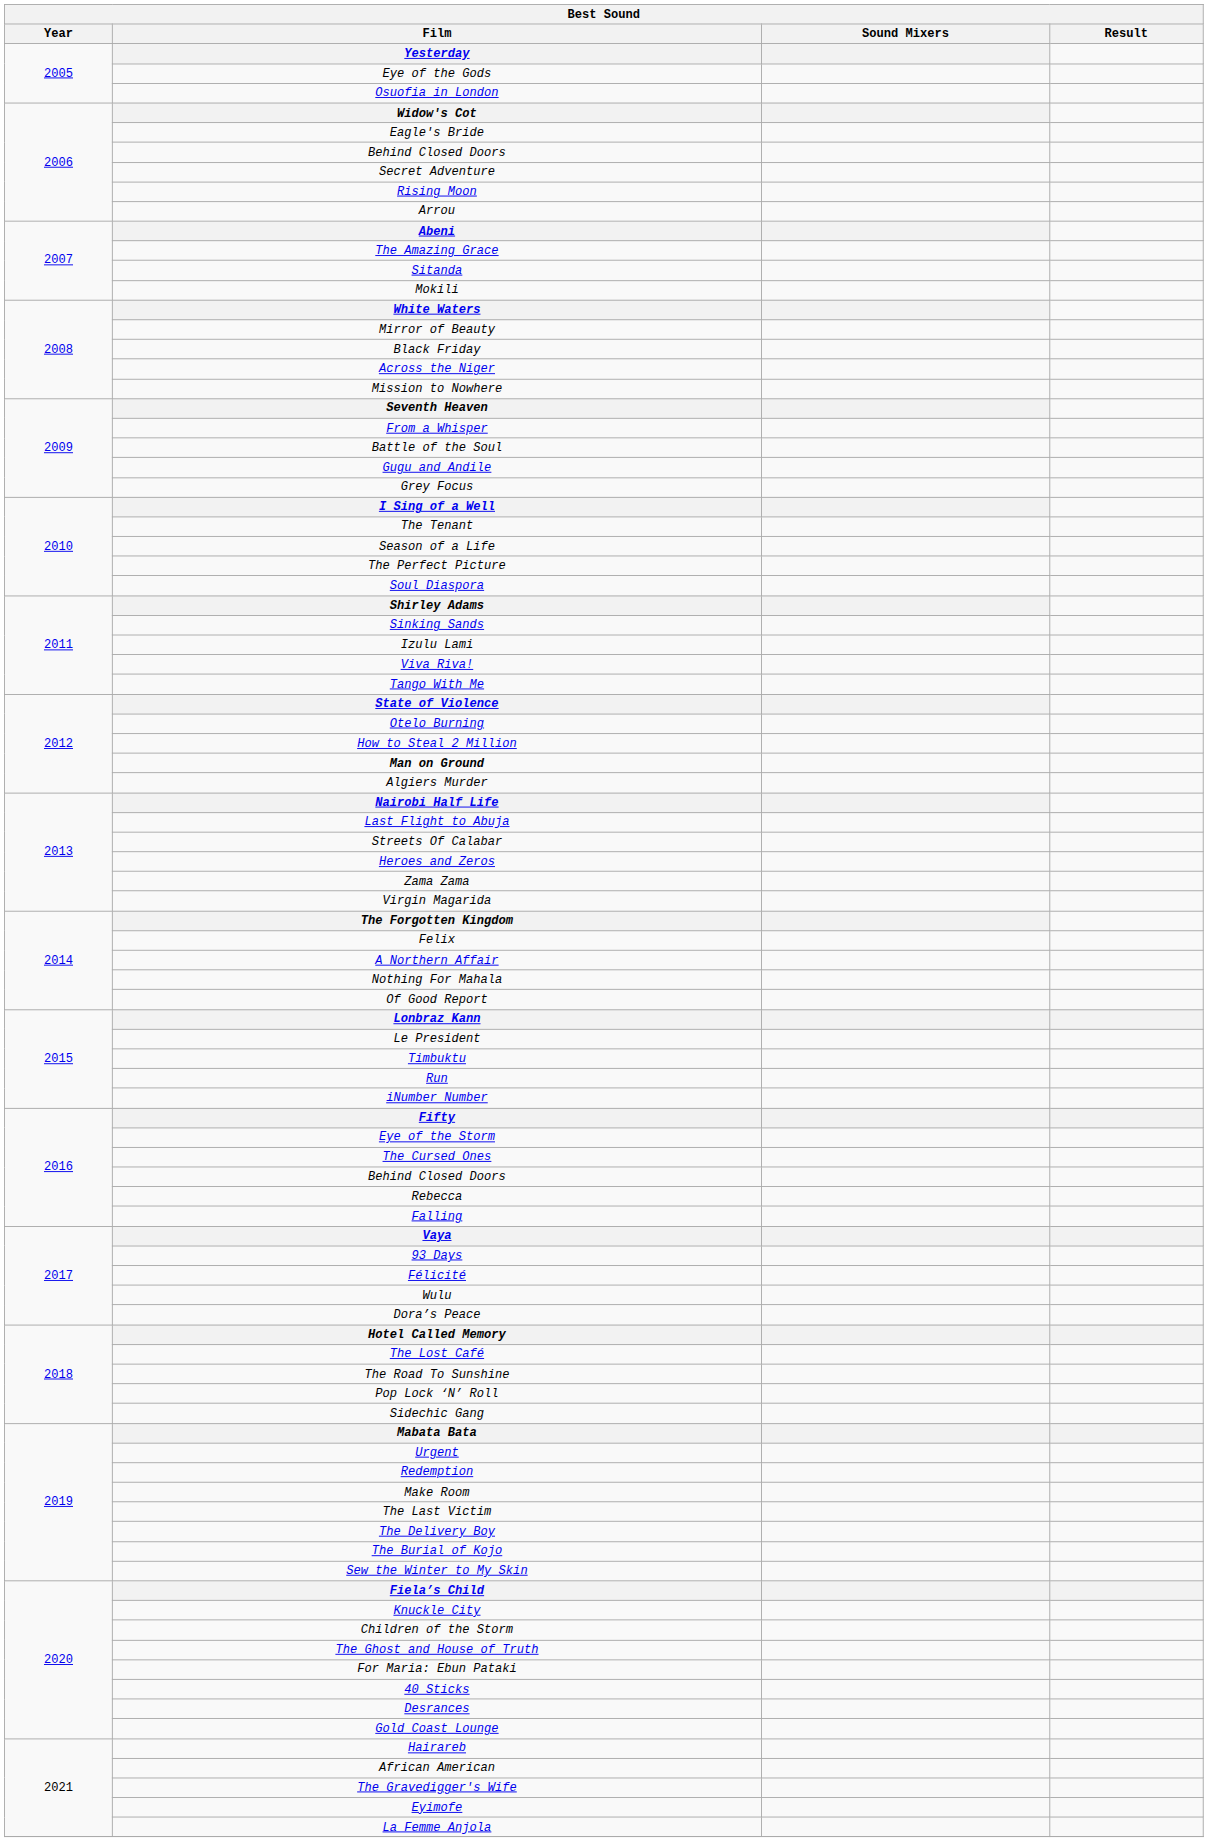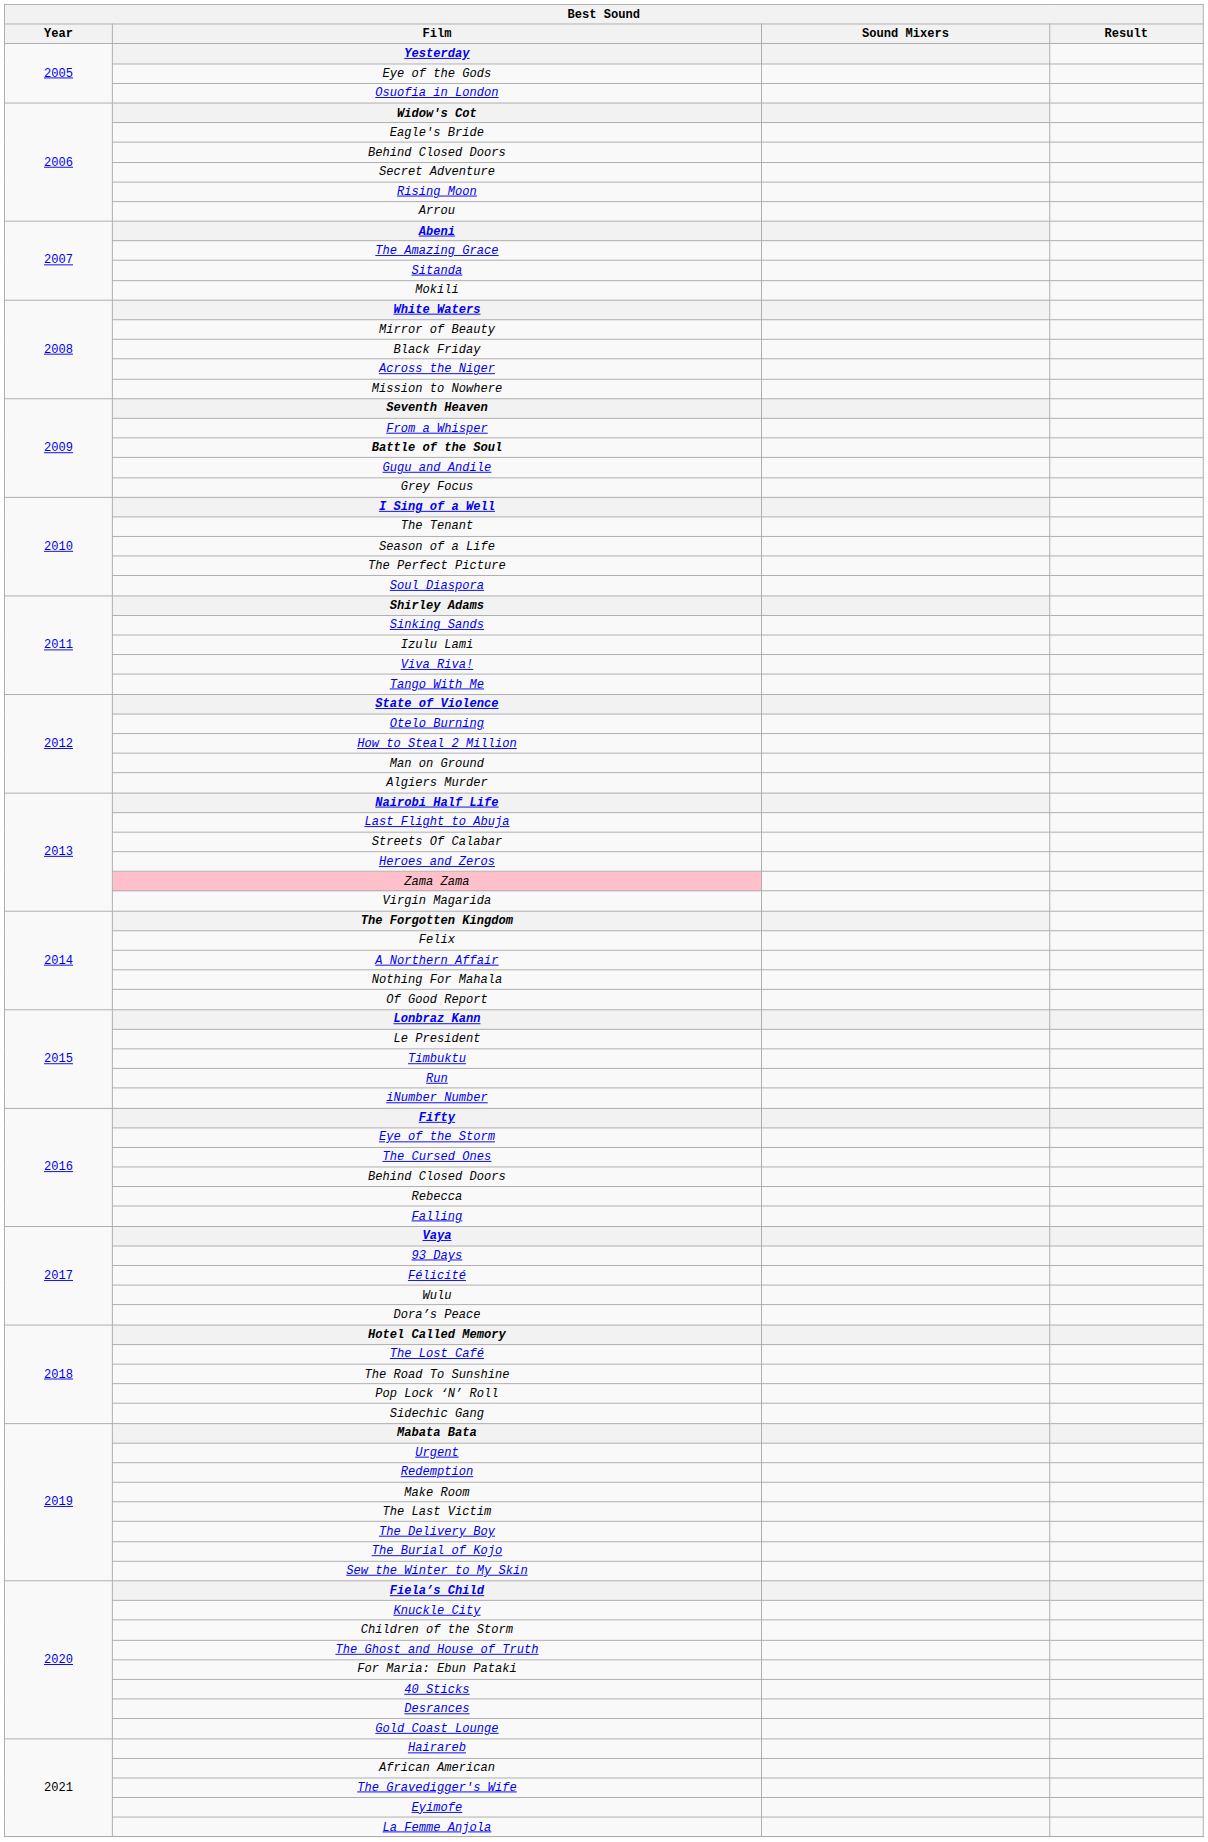 <table class=wikitable style="text-align:center" width="65%">
 <tr>
 <th colspan="4">Best Sound</th>
 </tr>
 <tr>
 <th>Year</th>
 <th>Film</th>
 <th>Sound Mixers</th>
 <th>Result</th>
 </tr>
 <tr>
 <td rowspan="3"><a href='#'>2005</a></td>
 <th><em><a href='#'>Yesterday</a></em></th>
 <th></th>
 <td></td>
 </tr>
 <tr>
 <td><em>Eye of the Gods</em></td>
 <td></td>
 <td></td>
 </tr>
 <tr>
 <td><em><a href='#'>Osuofia in London</a></em></td>
 <td></td>
 <td></td>
 </tr>
 <tr>
 <td rowspan="6"><a href='#'>2006</a></td>
 <th><em>Widow's Cot</em></th>
 <th></th>
 <td></td>
 </tr>
 <tr>
 <td><em>Eagle's Bride</em></td>
 <td></td>
 <td></td>
 </tr>
 <tr>
 <td><em>Behind Closed Doors</em></td>
 <td></td>
 <td></td>
 </tr>
 <tr>
 <td><em>Secret Adventure</em></td>
 <td></td>
 <td></td>
 </tr>
 <tr>
 <td><em><a href='#'>Rising Moon</a></em></td>
 <td></td>
 <td></td>
 </tr>
 <tr>
 <td><em>Arrou</em></td>
 <td></td>
 <td></td>
 </tr>
 <tr>
 <td rowspan="4"><a href='#'>2007</a></td>
 <th><em><a href='#'>Abeni</a></em></th>
 <th></th>
 <td></td>
 </tr>
 <tr>
 <td><em><a href='#'>The Amazing Grace</a></em></td>
 <td></td>
 <td></td>
 </tr>
 <tr>
 <td><em><a href='#'>Sitanda</a></em></td>
 <td></td>
 <td></td>
 </tr>
 <tr>
 <td><em>Mokili</em></td>
 <td></td>
 <td></td>
 </tr>
 <tr>
 <td rowspan="5"><a href='#'>2008</a></td>
 <th><em><a href='#'>White Waters</a></em></th>
 <th></th>
 <td></td>
 </tr>
 <tr>
 <td><em>Mirror of Beauty</em></td>
 <td></td>
 <td></td>
 </tr>
 <tr>
 <td><em>Black Friday</em></td>
 <td></td>
 <td></td>
 </tr>
 <tr>
 <td><em><a href='#'>Across the Niger</a></em></td>
 <td></td>
 <td></td>
 </tr>
 <tr>
 <td><em>Mission to Nowhere</em></td>
 <td></td>
 <td></td>
 </tr>
 <tr>
 <td rowspan="5"><a href='#'>2009</a></td>
 <th><em>Seventh Heaven</em></th>
 <th></th>
 <td></td>
 </tr>
 <tr>
 <td><em><a href='#'>From a Whisper</a></em></td>
 <td></td>
 <td></td>
 </tr>
 <tr>
-<td><em>Battle of the Soul</em></td>
+<td><strong><em>Battle of the Soul</em></strong></td>
 <td></td>
 <td></td>
 </tr>
 <tr>
 <td><em><a href='#'>Gugu and Andile</a></em></td>
 <td></td>
 <td></td>
 </tr>
 <tr>
 <td><em>Grey Focus</em></td>
 <td></td>
 <td></td>
 </tr>
 <tr>
 <td rowspan="5"><a href='#'>2010</a></td>
 <th><em><a href='#'>I Sing of a Well</a></em></th>
 <th></th>
 <td></td>
 </tr>
 <tr>
 <td><em>The Tenant</em></td>
 <td></td>
 <td></td>
 </tr>
 <tr>
 <td><em>Season of a Life</em></td>
 <td></td>
 <td></td>
 </tr>
 <tr>
 <td><em>The Perfect Picture</em></td>
 <td></td>
 <td></td>
 </tr>
 <tr>
 <td><em><a href='#'>Soul Diaspora</a></em></td>
 <td></td>
 <td></td>
 </tr>
 <tr>
 <td rowspan="5"><a href='#'>2011</a></td>
 <th><em>Shirley Adams</em></th>
 <th></th>
 <td></td>
 </tr>
 <tr>
 <td><em><a href='#'>Sinking Sands</a></em></td>
 <td></td>
 <td></td>
 </tr>
 <tr>
 <td><em>Izulu Lami</em></td>
 <td></td>
 <td></td>
 </tr>
 <tr>
 <td><em><a href='#'>Viva Riva!</a></em></td>
 <td></td>
 <td></td>
 </tr>
 <tr>
 <td><em><a href='#'>Tango With Me</a></em></td>
 <td></td>
 <td></td>
 </tr>
 <tr>
 <td rowspan="5"><a href='#'>2012</a></td>
 <th><em><a href='#'>State of Violence</a></em></th>
 <th></th>
 <td></td>
 </tr>
 <tr>
 <td><em><a href='#'>Otelo Burning</a></em></td>
 <td></td>
 <td></td>
 </tr>
 <tr>
 <td><em><a href='#'>How to Steal 2 Million</a></em></td>
 <td></td>
 <td></td>
 </tr>
 <tr>
-<td><strong><em>Man on Ground</em></strong></td>
+<td><em>Man on Ground</em></td>
 <td></td>
 <td></td>
 </tr>
 <tr>
 <td><em>Algiers Murder</em></td>
 <td></td>
 <td></td>
 </tr>
 <tr>
 <td rowspan="6"><a href='#'>2013</a></td>
 <th><em><a href='#'>Nairobi Half Life</a></em></th>
 <th></th>
 <td></td>
 </tr>
 <tr>
 <td><em><a href='#'>Last Flight to Abuja</a></em></td>
 <td></td>
 <td></td>
 </tr>
 <tr>
 <td><em>Streets Of Calabar</em></td>
 <td></td>
 <td></td>
 </tr>
 <tr>
 <td><em><a href='#'>Heroes and Zeros</a></em></td>
 <td></td>
 <td></td>
 </tr>
 <tr>
-<td><em>Zama Zama</em></td>
+<td style="background: pink;"><em>Zama Zama</em></td>
 <td></td>
 <td></td>
 </tr>
 <tr>
 <td><em>Virgin Magarida</em></td>
 <td></td>
 <td></td>
 </tr>
 <tr>
 <td rowspan="5"><a href='#'>2014</a></td>
 <th><em>The Forgotten Kingdom</em></th>
 <th></th>
 <td></td>
 </tr>
 <tr>
 <td><em>Felix</em></td>
 <td></td>
 <td></td>
 </tr>
 <tr>
 <td><em><a href='#'>A Northern Affair</a></em></td>
 <td></td>
 <td></td>
 </tr>
 <tr>
 <td><em>Nothing For Mahala</em></td>
 <td></td>
 <td></td>
 </tr>
 <tr>
 <td><em>Of Good Report</em></td>
 <td></td>
 <td></td>
 </tr>
 <tr>
 <td rowspan="5"><a href='#'>2015</a></td>
 <th><strong><em><a href='#'>Lonbraz Kann</a></em></strong></th>
 <th></th>
 <th></th>
 </tr>
 <tr>
 <td><em>Le President</em></td>
 <td></td>
 <td></td>
 </tr>
 <tr>
 <td><em><a href='#'>Timbuktu</a></em></td>
 <td></td>
 <td></td>
 </tr>
 <tr>
 <td><em><a href='#'>Run</a></em></td>
 <td></td>
 <td></td>
 </tr>
 <tr>
 <td><em><a href='#'>iNumber Number</a></em></td>
 <td></td>
 <td></td>
 </tr>
 <tr>
 <td rowspan="6"><a href='#'>2016</a></td>
 <th><strong><em><a href='#'>Fifty</a></em></strong></th>
 <th></th>
 <th></th>
 </tr>
 <tr>
 <td><em><a href='#'>Eye of the Storm</a></em></td>
 <td></td>
 <td></td>
 </tr>
 <tr>
 <td><em><a href='#'>The Cursed Ones</a></em></td>
 <td></td>
 <td></td>
 </tr>
 <tr>
 <td><em>Behind Closed Doors</em></td>
 <td></td>
 <td></td>
 </tr>
 <tr>
 <td><em>Rebecca</em></td>
 <td></td>
 <td></td>
 </tr>
 <tr>
 <td><em><a href='#'>Falling</a></em></td>
 <td></td>
 <td></td>
 </tr>
 <tr>
 <td rowspan="5"><a href='#'>2017</a></td>
 <th><strong><em><a href='#'>Vaya</a></em></strong></th>
 <th></th>
 <th></th>
 </tr>
 <tr>
 <td><em><a href='#'>93 Days</a></em></td>
 <td></td>
 <td></td>
 </tr>
 <tr>
 <td><em><a href='#'>Félicité</a></em></td>
 <td></td>
 <td></td>
 </tr>
 <tr>
 <td><em>Wulu</em></td>
 <td></td>
 <td></td>
 </tr>
 <tr>
 <td><em>Dora’s Peace</em></td>
 <td></td>
 <td></td>
 </tr>
 <tr>
 <td rowspan="5"><a href='#'>2018</a></td>
 <th><strong><em>Hotel Called Memory</em></strong></th>
 <th></th>
 <th></th>
 </tr>
 <tr>
 <td><em><a href='#'>The Lost Café</a></em></td>
 <td></td>
 <td></td>
 </tr>
 <tr>
 <td><em>The Road To Sunshine</em></td>
 <td></td>
 <td></td>
 </tr>
 <tr>
 <td><em>Pop Lock ‘N’ Roll</em></td>
 <td></td>
 <td></td>
 </tr>
 <tr>
 <td><em>Sidechic Gang</em></td>
 <td></td>
 <td></td>
 </tr>
 <tr>
 <td rowspan="8"><a href='#'>2019</a></td>
 <th><strong><em>Mabata Bata</em></strong></th>
 <th></th>
 <th></th>
 </tr>
 <tr>
 <td><em><a href='#'>Urgent</a></em></td>
 <td></td>
 <td></td>
 </tr>
 <tr>
 <td><em><a href='#'>Redemption</a></em></td>
 <td></td>
 <td></td>
 </tr>
 <tr>
 <td><em>Make Room</em></td>
 <td></td>
 <td></td>
 </tr>
 <tr>
 <td><em>The Last Victim</em></td>
 <td></td>
 <td></td>
 </tr>
 <tr>
 <td><em><a href='#'>The Delivery Boy</a></em></td>
 <td></td>
 <td></td>
 </tr>
 <tr>
 <td><em><a href='#'>The Burial of Kojo</a></em></td>
 <td></td>
 <td></td>
 </tr>
 <tr>
 <td><em><a href='#'>Sew the Winter to My Skin</a></em></td>
 <td></td>
 <td></td>
 </tr>
 <tr>
 <td rowspan="8"><a href='#'>2020</a></td>
 <th><strong><em><a href='#'>Fiela’s Child</a></em></strong></th>
 <th></th>
 <th></th>
 </tr>
 <tr>
 <td><em><a href='#'>Knuckle City</a></em></td>
 <td></td>
 <td></td>
 </tr>
 <tr>
 <td><em>Children of the Storm</em></td>
 <td></td>
 <td></td>
 </tr>
 <tr>
 <td><em><a href='#'>The Ghost and House of Truth</a></em></td>
 <td></td>
 <td></td>
 </tr>
 <tr>
 <td><em>For Maria: Ebun Pataki</em></td>
 <td></td>
 <td></td>
 </tr>
 <tr>
 <td><em><a href='#'>40 Sticks</a></em></td>
 <td></td>
 <td></td>
 </tr>
 <tr>
 <td><em><a href='#'>Desrances</a></em></td>
 <td></td>
 <td></td>
 </tr>
 <tr>
 <td><em><a href='#'>Gold Coast Lounge</a></em></td>
 <td></td>
 <td></td>
 </tr>
 <tr>
 <td rowspan="5">2021</td>
 <td><em><a href='#'>Hairareb</a></em></td>
 <td></td>
 <td></td>
 </tr>
 <tr>
 <td><em>African American</em></td>
 <td></td>
 <td></td>
 </tr>
 <tr>
 <td><em><a href='#'>The Gravedigger's Wife</a></em></td>
 <td></td>
 <td></td>
 </tr>
 <tr>
 <td><em><a href='#'>Eyimofe</a></em></td>
 <td></td>
 <td></td>
 </tr>
 <tr>
 <td><em><a href='#'>La Femme Anjola</a></em></td>
 <td></td>
 <td></td>
 </tr>
 <tr>
 </tr>
 </table>
